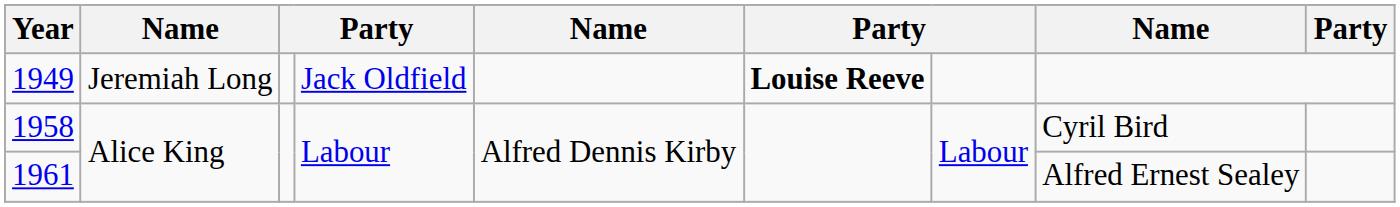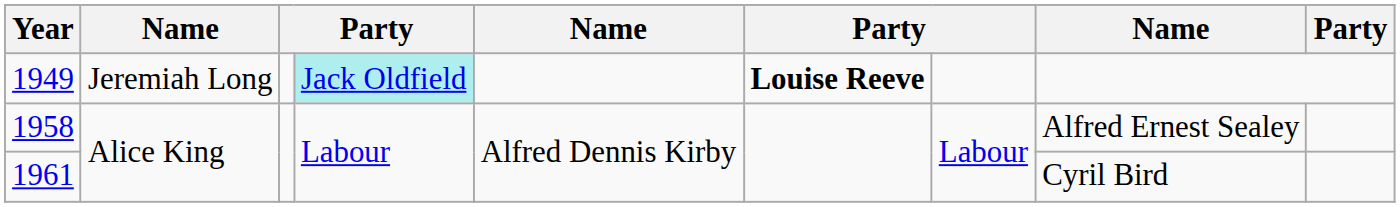 <table class="wikitable">
 <tr>
 <th>Year</th>
 <th>Name</th>
 <th colspan=2>Party</th>
 <th>Name</th>
 <th colspan=2>Party</th>
 <th>Name</th>
 <th colspan=2>Party</th>
 </tr>
 <tr>
 <td><a href='#'>1949</a></td>
 <td>Jeremiah Long</td>
 <td></td>
-<td><a href='#'>Jack Oldfield</a></td>
+<td style="background: paleturquoise;"><a href='#'>Jack Oldfield</a></td>
 <td></td>
 <td><strong>Louise Reeve</strong></td>
 <td></td>
 </tr>
 <tr>
 <td><a href='#'>1958</a></td>
 <td rowspan=2>Alice King</td>
 <td rowspan=2 style="background-color: "></td>
 <td rowspan=2><a href='#'>Labour</a></td>
 <td rowspan=2>Alfred Dennis Kirby</td>
 <td rowspan=2 style="background-color: "></td>
 <td rowspan=2><a href='#'>Labour</a></td>
-<td>Cyril Bird</td>
+<td>Alfred Ernest Sealey</td>
 <td></td>
 </tr>
 <tr>
 <td><a href='#'>1961</a></td>
-<td>Alfred Ernest Sealey</td>
+<td>Cyril Bird</td>
 <td></td>
 </tr>
 </table>
